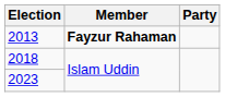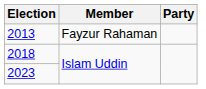 <table class="wikitable sortable">
 <tr>
 <th>Election</th>
 <th>Member</th>
 <th colspan=2>Party</th>
 </tr>
 <tr>
 <td><a href='#'>2013</a></td>
-<td><strong>Fayzur Rahaman</strong></td>
+<td>Fayzur Rahaman</td>
 <td></td>
 </tr>
 <tr>
 <td><a href='#'>2018</a></td>
 <td rowspan=2><a href='#'>Islam Uddin</a></td>
 </tr>
 <tr>
 <td><a href='#'>2023</a></td>
 </tr>
 </table>
